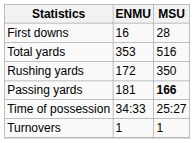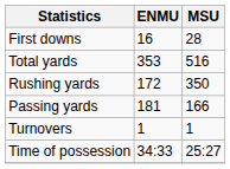 <table class="wikitable">
 <tr>
 <th>Statistics</th>
 <th>ENMU</th>
 <th>MSU</th>
 </tr>
 <tr>
 <td>First downs</td>
 <td>16</td>
 <td>28</td>
 </tr>
 <tr>
 <td>Total yards</td>
 <td>353</td>
 <td>516</td>
 </tr>
 <tr>
 <td>Rushing yards</td>
 <td>172</td>
 <td>350</td>
 </tr>
 <tr>
 <td>Passing yards</td>
 <td>181</td>
-<td><strong>166</strong></td>
+<td>166</td>
+</tr>
+<tr>
+<td>Turnovers</td>
+<td>1</td>
+<td>1</td>
 </tr>
 <tr>
 <td>Time of possession</td>
 <td>34:33</td>
 <td>25:27</td>
 </tr>
 <tr>
-<td>Turnovers</td>
-<td>1</td>
-<td>1</td>
-</tr>
-<tr>
 </tr>
 </table>
